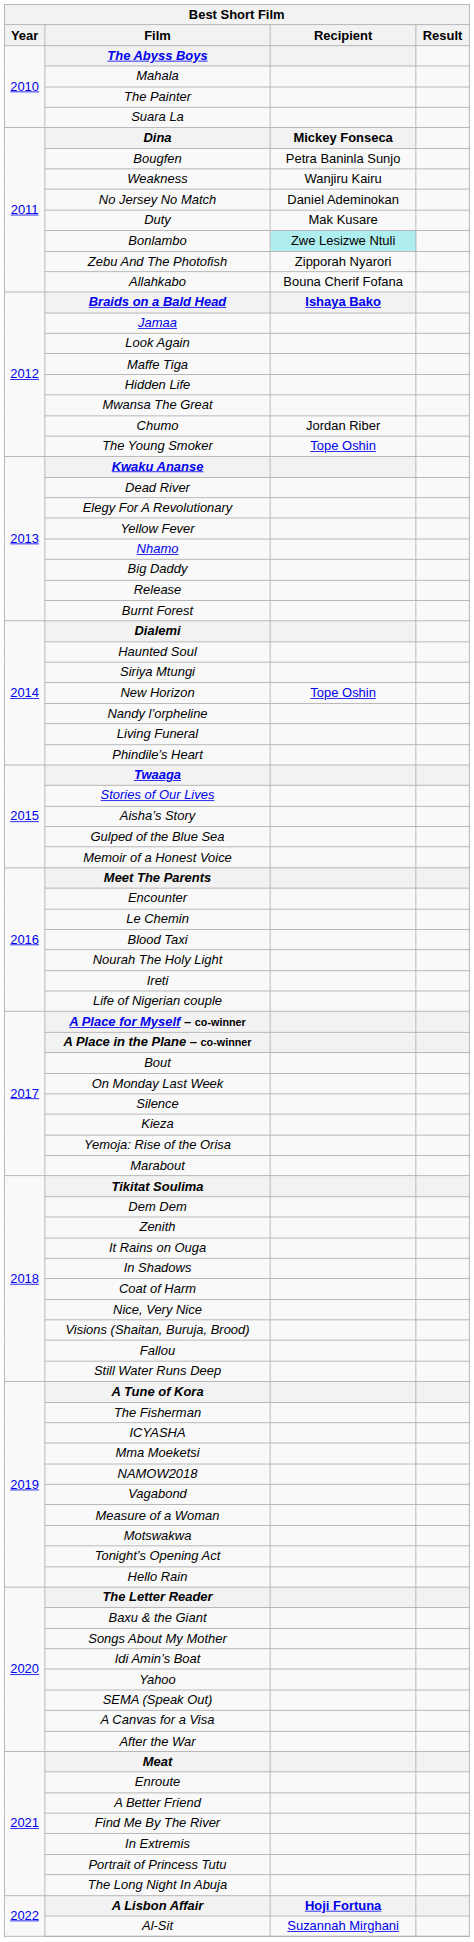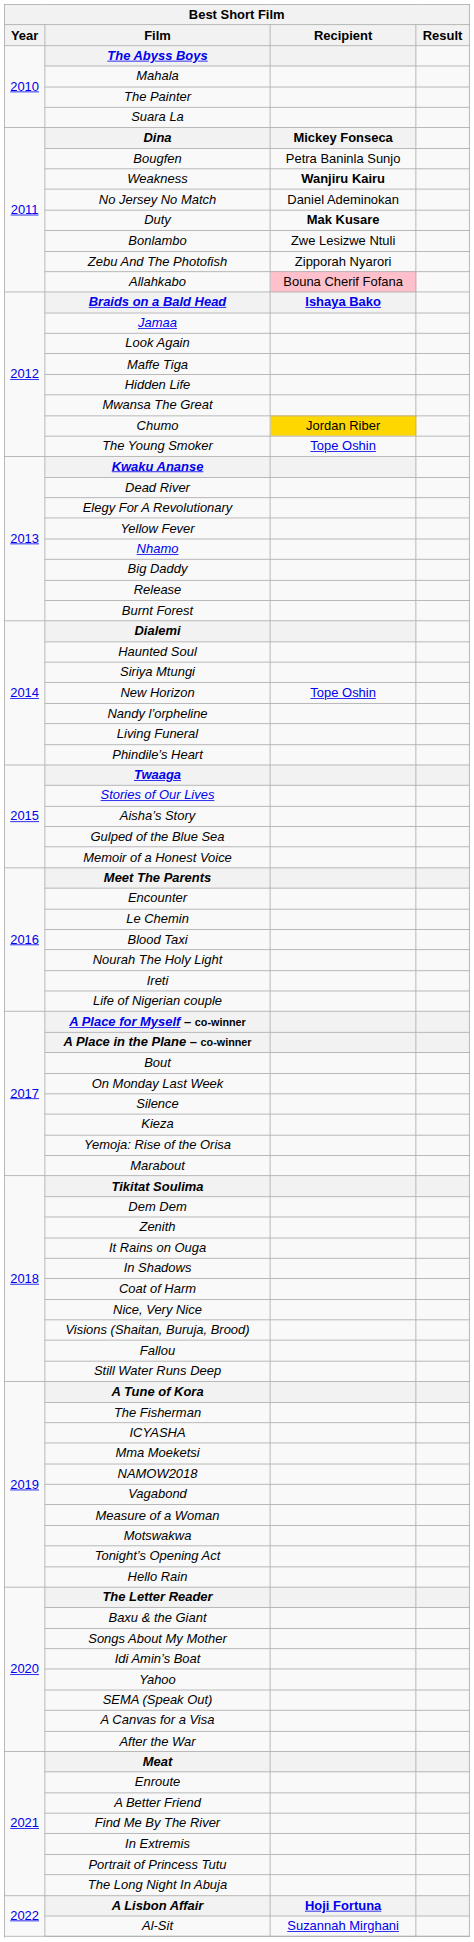 <table class=wikitable style="text-align:center" width="65%">
 <tr>
 <th colspan="5">Best Short Film</th>
 </tr>
 <tr>
 <th>Year</th>
 <th>Film</th>
 <th>Recipient</th>
 <th>Result</th>
 </tr>
 <tr>
 <td rowspan="4"><a href='#'>2010</a></td>
 <th><em><a href='#'>The Abyss Boys</a></em></th>
 <th></th>
 <td></td>
 </tr>
 <tr>
 <td><em>Mahala</em></td>
 <td></td>
 <td></td>
 </tr>
 <tr>
 <td><em>The Painter</em></td>
 <td></td>
 <td></td>
 </tr>
 <tr>
 <td><em>Suara La</em></td>
 <td></td>
 <td></td>
 </tr>
 <tr>
 <td rowspan="8"><a href='#'>2011</a></td>
 <th><em>Dina</em></th>
 <th>Mickey Fonseca</th>
 <td></td>
 </tr>
 <tr>
 <td><em>Bougfen</em></td>
 <td>Petra Baninla Sunjo</td>
 <td></td>
 </tr>
 <tr>
 <td><em>Weakness</em></td>
-<td>Wanjiru Kairu</td>
+<td><strong>Wanjiru Kairu</strong></td>
 <td></td>
 </tr>
 <tr>
 <td><em>No Jersey No Match</em></td>
 <td>Daniel Ademinokan</td>
 <td></td>
 </tr>
 <tr>
 <td><em>Duty</em></td>
-<td>Mak Kusare</td>
+<td><strong>Mak Kusare</strong></td>
 <td></td>
 </tr>
 <tr>
 <td><em>Bonlambo</em></td>
-<td style="background: paleturquoise;">Zwe Lesizwe Ntuli</td>
+<td>Zwe Lesizwe Ntuli</td>
 <td></td>
 </tr>
 <tr>
 <td><em>Zebu And The Photofish</em></td>
 <td>Zipporah Nyarori</td>
 <td></td>
 </tr>
 <tr>
 <td><em>Allahkabo</em></td>
-<td>Bouna Cherif Fofana</td>
+<td style="background: pink;">Bouna Cherif Fofana</td>
 <td></td>
 </tr>
 <tr>
 <td rowspan="8"><a href='#'>2012</a></td>
 <th><em><a href='#'>Braids on a Bald Head</a></em></th>
 <th><a href='#'>Ishaya Bako</a></th>
 <td></td>
 </tr>
 <tr>
 <td><em><a href='#'>Jamaa</a></em></td>
 <td></td>
 <td></td>
 </tr>
 <tr>
 <td><em>Look Again</em></td>
 <td></td>
 <td></td>
 </tr>
 <tr>
 <td><em>Maffe Tiga</em></td>
 <td></td>
 <td></td>
 </tr>
 <tr>
 <td><em>Hidden Life</em></td>
 <td></td>
 <td></td>
 </tr>
 <tr>
 <td><em>Mwansa The Great</em></td>
 <td></td>
 <td></td>
 </tr>
 <tr>
 <td><em>Chumo</em></td>
-<td>Jordan Riber</td>
+<td style="background: gold;">Jordan Riber</td>
 <td></td>
 </tr>
 <tr>
 <td><em>The Young Smoker</em></td>
 <td><a href='#'>Tope Oshin</a></td>
 <td></td>
 </tr>
 <tr>
 <td rowspan="8"><a href='#'>2013</a></td>
 <th><em><a href='#'>Kwaku Ananse</a></em></th>
 <th></th>
 <td></td>
 </tr>
 <tr>
 <td><em>Dead River</em></td>
 <td></td>
 <td></td>
 </tr>
 <tr>
 <td><em>Elegy For A Revolutionary</em></td>
 <td></td>
 <td></td>
 </tr>
 <tr>
 <td><em>Yellow Fever</em></td>
 <td></td>
 <td></td>
 </tr>
 <tr>
 <td><em><a href='#'>Nhamo</a></em></td>
 <td></td>
 <td></td>
 </tr>
 <tr>
 <td><em>Big Daddy</em></td>
 <td></td>
 <td></td>
 </tr>
 <tr>
 <td><em>Release</em></td>
 <td></td>
 <td></td>
 </tr>
 <tr>
 <td><em>Burnt Forest </em></td>
 <td></td>
 <td></td>
 </tr>
 <tr>
 <td rowspan="7"><a href='#'>2014</a></td>
 <th><em>Dialemi</em></th>
 <th></th>
 <td></td>
 </tr>
 <tr>
 <td><em>Haunted Soul</em></td>
 <td></td>
 <td></td>
 </tr>
 <tr>
 <td><em>Siriya Mtungi</em></td>
 <td></td>
 <td></td>
 </tr>
 <tr>
 <td><em>New Horizon</em></td>
 <td><a href='#'>Tope Oshin</a></td>
 <td></td>
 </tr>
 <tr>
 <td><em>Nandy l’orpheline</em></td>
 <td></td>
 <td></td>
 </tr>
 <tr>
 <td><em>Living Funeral</em></td>
 <td></td>
 <td></td>
 </tr>
 <tr>
 <td><em>Phindile’s Heart</em></td>
 <td></td>
 <td></td>
 </tr>
 <tr>
 <td rowspan="5"><a href='#'>2015</a></td>
 <th><em><a href='#'>Twaaga</a></em></th>
 <th></th>
 <th></th>
 </tr>
 <tr>
 <td><em><a href='#'>Stories of Our Lives</a></em></td>
 <td></td>
 <td></td>
 </tr>
 <tr>
 <td><em>Aisha’s Story</em></td>
 <td></td>
 <td></td>
 </tr>
 <tr>
 <td><em>Gulped of the Blue Sea</em></td>
 <td></td>
 <td></td>
 </tr>
 <tr>
 <td><em>Memoir of a Honest Voice</em></td>
 <td></td>
 <td></td>
 </tr>
 <tr>
 <td rowspan="7"><a href='#'>2016</a></td>
 <th><em>Meet The Parents</em></th>
 <th></th>
 <th></th>
 </tr>
 <tr>
 <td><em>Encounter</em></td>
 <td></td>
 <td></td>
 </tr>
 <tr>
 <td><em>Le Chemin</em></td>
 <td></td>
 <td></td>
 </tr>
 <tr>
 <td><em>Blood Taxi</em></td>
 <td></td>
 <td></td>
 </tr>
 <tr>
 <td><em>Nourah The Holy Light</em></td>
 <td></td>
 <td></td>
 </tr>
 <tr>
 <td><em>Ireti</em></td>
 <td></td>
 <td></td>
 </tr>
 <tr>
 <td><em>Life of Nigerian couple</em></td>
 <td></td>
 <td></td>
 </tr>
 <tr>
 <td rowspan="8"><a href='#'>2017</a></td>
 <th><em><a href='#'>A Place for Myself</a></em> – <small>co-winner</small></th>
 <th></th>
 <th></th>
 </tr>
 <tr>
 <th><em>A Place in the Plane</em> – <small>co-winner</small></th>
 <th></th>
 <th></th>
 </tr>
 <tr>
 <td><em>Bout</em></td>
 <td></td>
 <td></td>
 </tr>
 <tr>
 <td><em>On Monday Last Week</em></td>
 <td></td>
 <td></td>
 </tr>
 <tr>
 <td><em>Silence</em></td>
 <td></td>
 <td></td>
 </tr>
 <tr>
 <td><em>Kieza</em></td>
 <td></td>
 <td></td>
 </tr>
 <tr>
 <td><em>Yemoja: Rise of the Orisa</em></td>
 <td></td>
 <td></td>
 </tr>
 <tr>
 <td><em>Marabout</em></td>
 <td></td>
 <td></td>
 </tr>
 <tr>
 <td rowspan="10"><a href='#'>2018</a></td>
 <th><em>Tikitat Soulima</em></th>
 <th></th>
 <th></th>
 </tr>
 <tr>
 <td><em>Dem Dem</em></td>
 <td></td>
 <td></td>
 </tr>
 <tr>
 <td><em>Zenith</em></td>
 <td></td>
 <td></td>
 </tr>
 <tr>
 <td><em>It Rains on Ouga</em></td>
 <td></td>
 <td></td>
 </tr>
 <tr>
 <td><em>In Shadows</em></td>
 <td></td>
 <td></td>
 </tr>
 <tr>
 <td><em>Coat of Harm</em></td>
 <td></td>
 <td></td>
 </tr>
 <tr>
 <td><em>Nice, Very Nice</em></td>
 <td></td>
 <td></td>
 </tr>
 <tr>
 <td><em>Visions (Shaitan, Buruja, Brood)</em></td>
 <td></td>
 <td></td>
 </tr>
 <tr>
 <td><em>Fallou</em></td>
 <td></td>
 <td></td>
 </tr>
 <tr>
 <td><em>Still Water Runs Deep</em></td>
 <td></td>
 <td></td>
 </tr>
 <tr>
 <td rowspan="10"><a href='#'>2019</a></td>
 <th><em>A Tune of Kora</em></th>
 <th></th>
 <th></th>
 </tr>
 <tr>
 <td><em>The Fisherman</em></td>
 <td></td>
 <td></td>
 </tr>
 <tr>
 <td><em>ICYASHA</em></td>
 <td></td>
 <td></td>
 </tr>
 <tr>
 <td><em>Mma Moeketsi</em></td>
 <td></td>
 <td></td>
 </tr>
 <tr>
 <td><em>NAMOW2018</em></td>
 <td></td>
 <td></td>
 </tr>
 <tr>
 <td><em>Vagabond</em></td>
 <td></td>
 <td></td>
 </tr>
 <tr>
 <td><em>Measure of a Woman</em></td>
 <td></td>
 <td></td>
 </tr>
 <tr>
 <td><em>Motswakwa</em></td>
 <td></td>
 <td></td>
 </tr>
 <tr>
 <td><em>Tonight’s Opening Act</em></td>
 <td></td>
 <td></td>
 </tr>
 <tr>
 <td><em>Hello Rain</em></td>
 <td></td>
 <td></td>
 </tr>
 <tr>
 <td rowspan="8"><a href='#'>2020</a></td>
 <th><em>The Letter Reader</em></th>
 <th></th>
 <th></th>
 </tr>
 <tr>
 <td><em>Baxu & the Giant</em></td>
 <td></td>
 <td></td>
 </tr>
 <tr>
 <td><em>Songs About My Mother</em></td>
 <td></td>
 <td></td>
 </tr>
 <tr>
 <td><em>Idi Amin’s Boat</em></td>
 <td></td>
 <td></td>
 </tr>
 <tr>
 <td><em>Yahoo</em></td>
 <td></td>
 <td></td>
 </tr>
 <tr>
 <td><em>SEMA (Speak Out)</em></td>
 <td></td>
 <td></td>
 </tr>
 <tr>
 <td><em>A Canvas for a Visa</em></td>
 <td></td>
 <td></td>
 </tr>
 <tr>
 <td><em>After the War</em></td>
 <td></td>
 <td></td>
 </tr>
 <tr>
 <td rowspan="7"><a href='#'>2021</a></td>
 <th><em>Meat</em></th>
 <th></th>
 <th></th>
 </tr>
 <tr>
 <td><em>Enroute</em></td>
 <td></td>
 <td></td>
 </tr>
 <tr>
 <td><em>A Better Friend</em></td>
 <td></td>
 <td></td>
 </tr>
 <tr>
 <td><em>Find Me By The River</em></td>
 <td></td>
 <td></td>
 </tr>
 <tr>
 <td><em>In Extremis</em></td>
 <td></td>
 <td></td>
 </tr>
 <tr>
 <td><em>Portrait of Princess Tutu</em></td>
 <td></td>
 <td></td>
 </tr>
 <tr>
 <td><em>The Long Night In Abuja</em></td>
 <td></td>
 <td></td>
 </tr>
 <tr>
 <td rowspan="7"><a href='#'>2022</a></td>
 <th><em>A Lisbon Affair</em></th>
 <th><a href='#'>Hoji Fortuna</a></th>
 <th></th>
 </tr>
 <tr>
 <td><em>Al-Sit</em></td>
 <td><a href='#'>Suzannah Mirghani</a></td>
 <td></td>
 </tr>
 <tr>
 </tr>
 </table>
